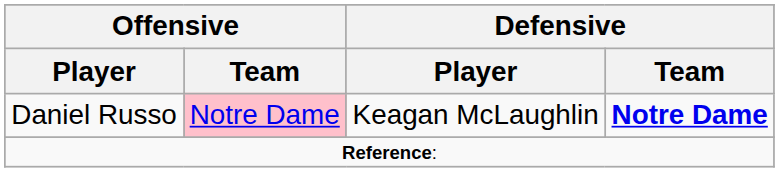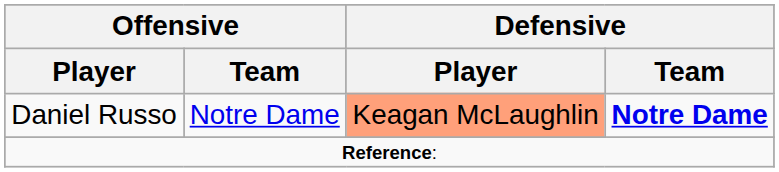 <table class="wikitable" style="text-align: center;">
 <tr>
 <th colspan="2">Offensive</th>
 <th colspan="2">Defensive</th>
 </tr>
 <tr>
 <th>Player</th>
 <th>Team</th>
 <th>Player</th>
 <th>Team</th>
 </tr>
 <tr>
 <td>Daniel Russo</td>
-<td style="background: pink;"><a href='#'>Notre Dame</a></td>
-<td>Keagan McLaughlin</td>
+<td><a href='#'>Notre Dame</a></td>
+<td style="background: lightsalmon;">Keagan McLaughlin</td>
 <td><strong><a href='#'>Notre Dame</a></strong></td>
 </tr>
 <tr>
 <td colspan="4"  style="font-size:8pt; text-align:center;"><strong>Reference</strong>:</td>
 </tr>
 </table>
